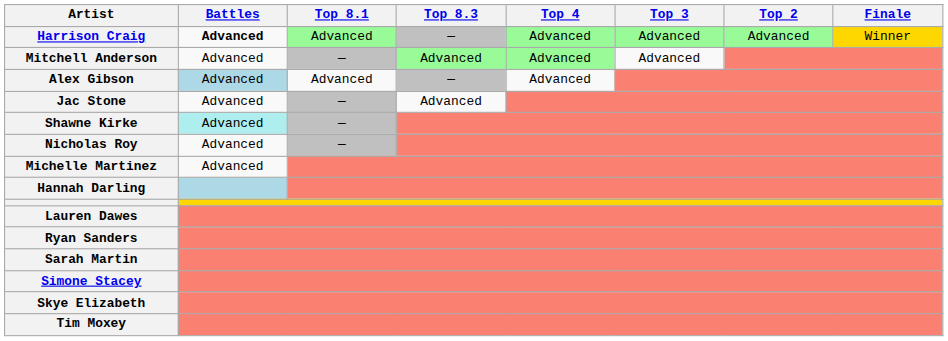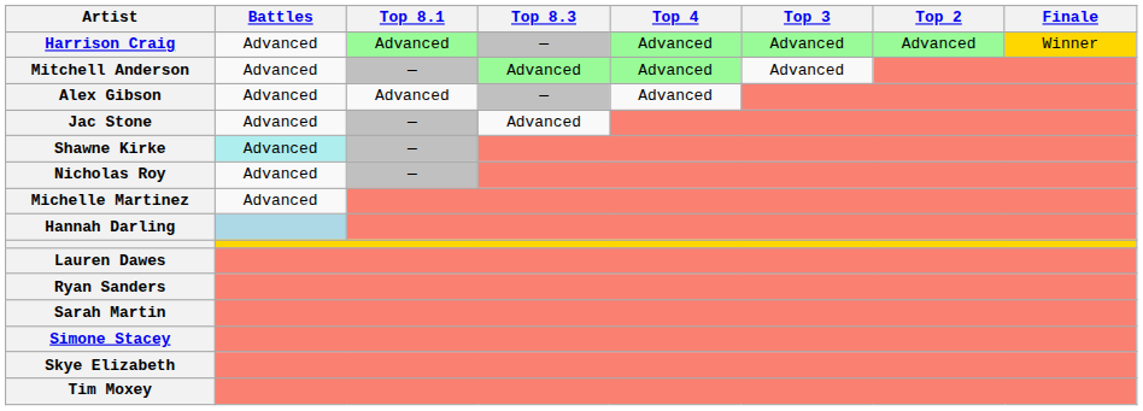 <table class="wikitable plainrowheaders"  style="text-align:center; font-size:90%;">
 <tr>
 <th style="width:13em;">Artist</th>
 <th style="width:8em;"><a href='#'>Battles</a></th>
 <th style="width:8em;"><a href='#'>Top 8.1</a></th>
 <th style="width:8em;"><a href='#'>Top 8.3</a></th>
 <th style="width:8em;"><a href='#'>Top 4</a></th>
 <th style="width:8em;"><a href='#'>Top 3</a></th>
 <th style="width:8em;"><a href='#'>Top 2</a></th>
 <th style="width:8em;"><a href='#'>Finale</a></th>
 </tr>
 <tr>
 <th><a href='#'>Harrison Craig</a></th>
-<td><strong>Advanced</strong></td>
+<td>Advanced</td>
 <td style="background:palegreen">Advanced</td>
 <td style="background:silver;">—</td>
 <td style="background:palegreen">Advanced</td>
 <td style="background:palegreen">Advanced</td>
 <td style="background:palegreen">Advanced</td>
 <td style="background:gold">Winner</td>
 </tr>
 <tr>
 <th>Mitchell Anderson</th>
 <td>Advanced</td>
 <td style="background:silver;">—</td>
 <td style="background:palegreen">Advanced</td>
 <td style="background:palegreen">Advanced</td>
 <td>Advanced</td>
 <td colspan=7 style="background:salmon"></td>
 </tr>
 <tr>
 <th>Alex Gibson</th>
-<td style="background: lightblue;">Advanced</td>
+<td>Advanced</td>
 <td>Advanced</td>
 <td style="background:silver;">—</td>
 <td>Advanced</td>
 <td colspan=7 style="background:salmon"></td>
 </tr>
 <tr>
 <th>Jac Stone</th>
 <td>Advanced</td>
 <td style="background:silver;">—</td>
 <td>Advanced</td>
 <td colspan=7 style="background:salmon"></td>
 </tr>
 <tr>
 <th>Shawne Kirke</th>
 <td style="background: paleturquoise;">Advanced</td>
 <td style="background:silver;">—</td>
 <td colspan=7 style="background:salmon"></td>
 </tr>
 <tr>
 <th>Nicholas Roy</th>
 <td>Advanced</td>
 <td style="background:silver;">—</td>
 <td colspan=7 style="background:salmon"></td>
 </tr>
 <tr>
 <th>Michelle Martinez</th>
 <td>Advanced</td>
 <td colspan=7 style="background:salmon"></td>
 </tr>
 <tr>
 <th>Hannah Darling</th>
 <td style="background:lightblue"></td>
 <td colspan=7 style="background:salmon"></td>
 </tr>
 <tr>
 <th></th>
 <td colspan=7 style="background:gold"></td>
 </tr>
 <tr>
 <th>Lauren Dawes</th>
 <td colspan=7 style="background:salmon"></td>
 </tr>
 <tr>
 <th>Ryan Sanders</th>
 <td colspan=7 style="background:salmon"></td>
 </tr>
 <tr>
 <th>Sarah Martin</th>
 <td colspan=7 style="background:salmon"></td>
 </tr>
 <tr>
 <th><a href='#'>Simone Stacey</a></th>
 <td colspan=7 style="background:salmon"></td>
 </tr>
 <tr>
 <th>Skye Elizabeth</th>
 <td colspan=7 style="background:salmon"></td>
 </tr>
 <tr>
 <th>Tim Moxey</th>
 <td colspan=7 style="background:salmon"></td>
 </tr>
 </table>
